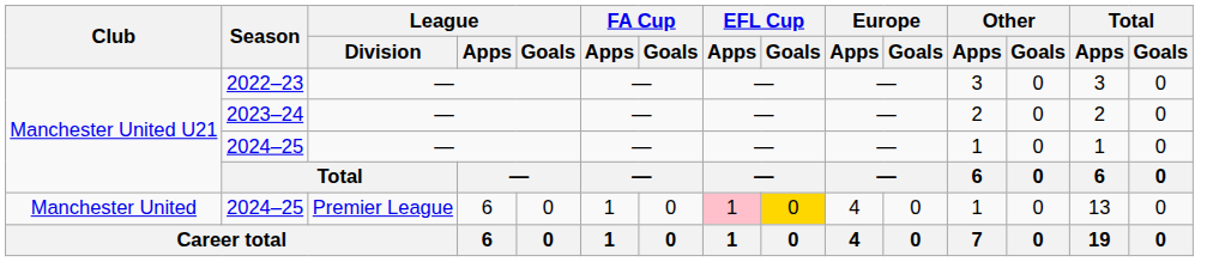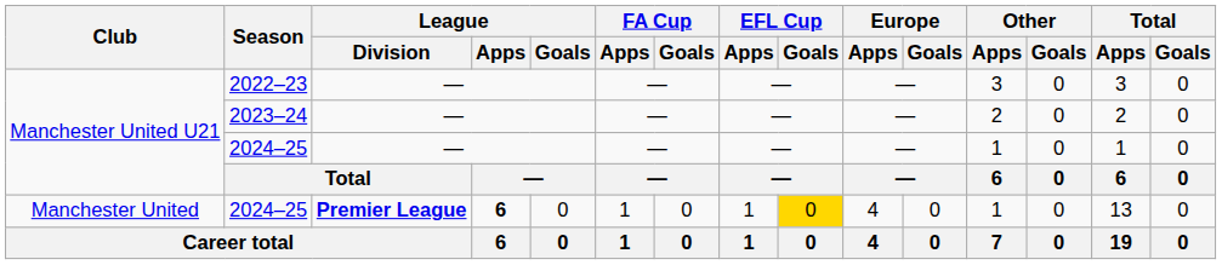 <table class="wikitable" style="text-align:center">
 <tr>
 <th rowspan="2">Club</th>
 <th rowspan="2">Season</th>
 <th colspan="3">League</th>
 <th colspan="2"><a href='#'>FA Cup</a></th>
 <th colspan="2"><a href='#'>EFL Cup</a></th>
 <th colspan="2">Europe</th>
 <th colspan="2">Other</th>
 <th colspan="2">Total</th>
 </tr>
 <tr>
 <th>Division</th>
 <th>Apps</th>
 <th>Goals</th>
 <th>Apps</th>
 <th>Goals</th>
 <th>Apps</th>
 <th>Goals</th>
 <th>Apps</th>
 <th>Goals</th>
 <th>Apps</th>
 <th>Goals</th>
 <th>Apps</th>
 <th>Goals</th>
 </tr>
 <tr>
 <td rowspan="4"><a href='#'>Manchester United U21</a></td>
 <td><a href='#'>2022–23</a></td>
 <td colspan="3">—</td>
 <td colspan="2">—</td>
 <td colspan="2">—</td>
 <td colspan="2">—</td>
 <td>3</td>
 <td>0</td>
 <td>3</td>
 <td>0</td>
 </tr>
 <tr>
 <td><a href='#'>2023–24</a></td>
 <td colspan="3">—</td>
 <td colspan="2">—</td>
 <td colspan="2">—</td>
 <td colspan="2">—</td>
 <td>2</td>
 <td>0</td>
 <td>2</td>
 <td>0</td>
 </tr>
 <tr>
 <td><a href='#'>2024–25</a></td>
 <td colspan="3">—</td>
 <td colspan="2">—</td>
 <td colspan="2">—</td>
 <td colspan="2">—</td>
 <td>1</td>
 <td>0</td>
 <td>1</td>
 <td>0</td>
 </tr>
 <tr>
 <th colspan="2">Total</th>
 <th colspan="2">—</th>
 <th colspan="2">—</th>
 <th colspan="2">—</th>
 <th colspan="2">—</th>
 <th>6</th>
 <th>0</th>
 <th>6</th>
 <th>0</th>
 </tr>
 <tr>
 <td><a href='#'>Manchester United</a></td>
 <td><a href='#'>2024–25</a></td>
-<td><a href='#'>Premier League</a></td>
-<td>6</td>
+<td><strong><a href='#'>Premier League</a></strong></td>
+<td><strong>6</strong></td>
 <td>0</td>
 <td>1</td>
 <td>0</td>
-<td style="background: pink;">1</td>
+<td>1</td>
 <td style="background: gold;">0</td>
 <td>4</td>
 <td>0</td>
 <td>1</td>
 <td>0</td>
 <td>13</td>
 <td>0</td>
 </tr>
 <tr>
 <th colspan="3">Career total</th>
 <th>6</th>
 <th>0</th>
 <th>1</th>
 <th>0</th>
 <th>1</th>
 <th>0</th>
 <th>4</th>
 <th>0</th>
 <th>7</th>
 <th>0</th>
 <th>19</th>
 <th>0</th>
 </tr>
 </table>
